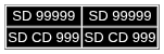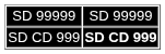 <table border="1" style="margin:1em auto; text-align:center;">
 <tr ---- size="40">
 <td style="background:black; font-size: 14pt; color: white">SD 99999</td>
 <td style="background:black; font-size: 14pt; color: white">SD 99999</td>
 </tr>
 <tr>
 <td style="background:black; font-size: 14pt; color: white">SD CD 999</td>
-<td style="background:black; font-size: 14pt; color: white">SD CD 999</td>
+<td style="background:black; font-size: 14pt; color: white"><strong>SD CD 999</strong></td>
 </tr>
 </table>
